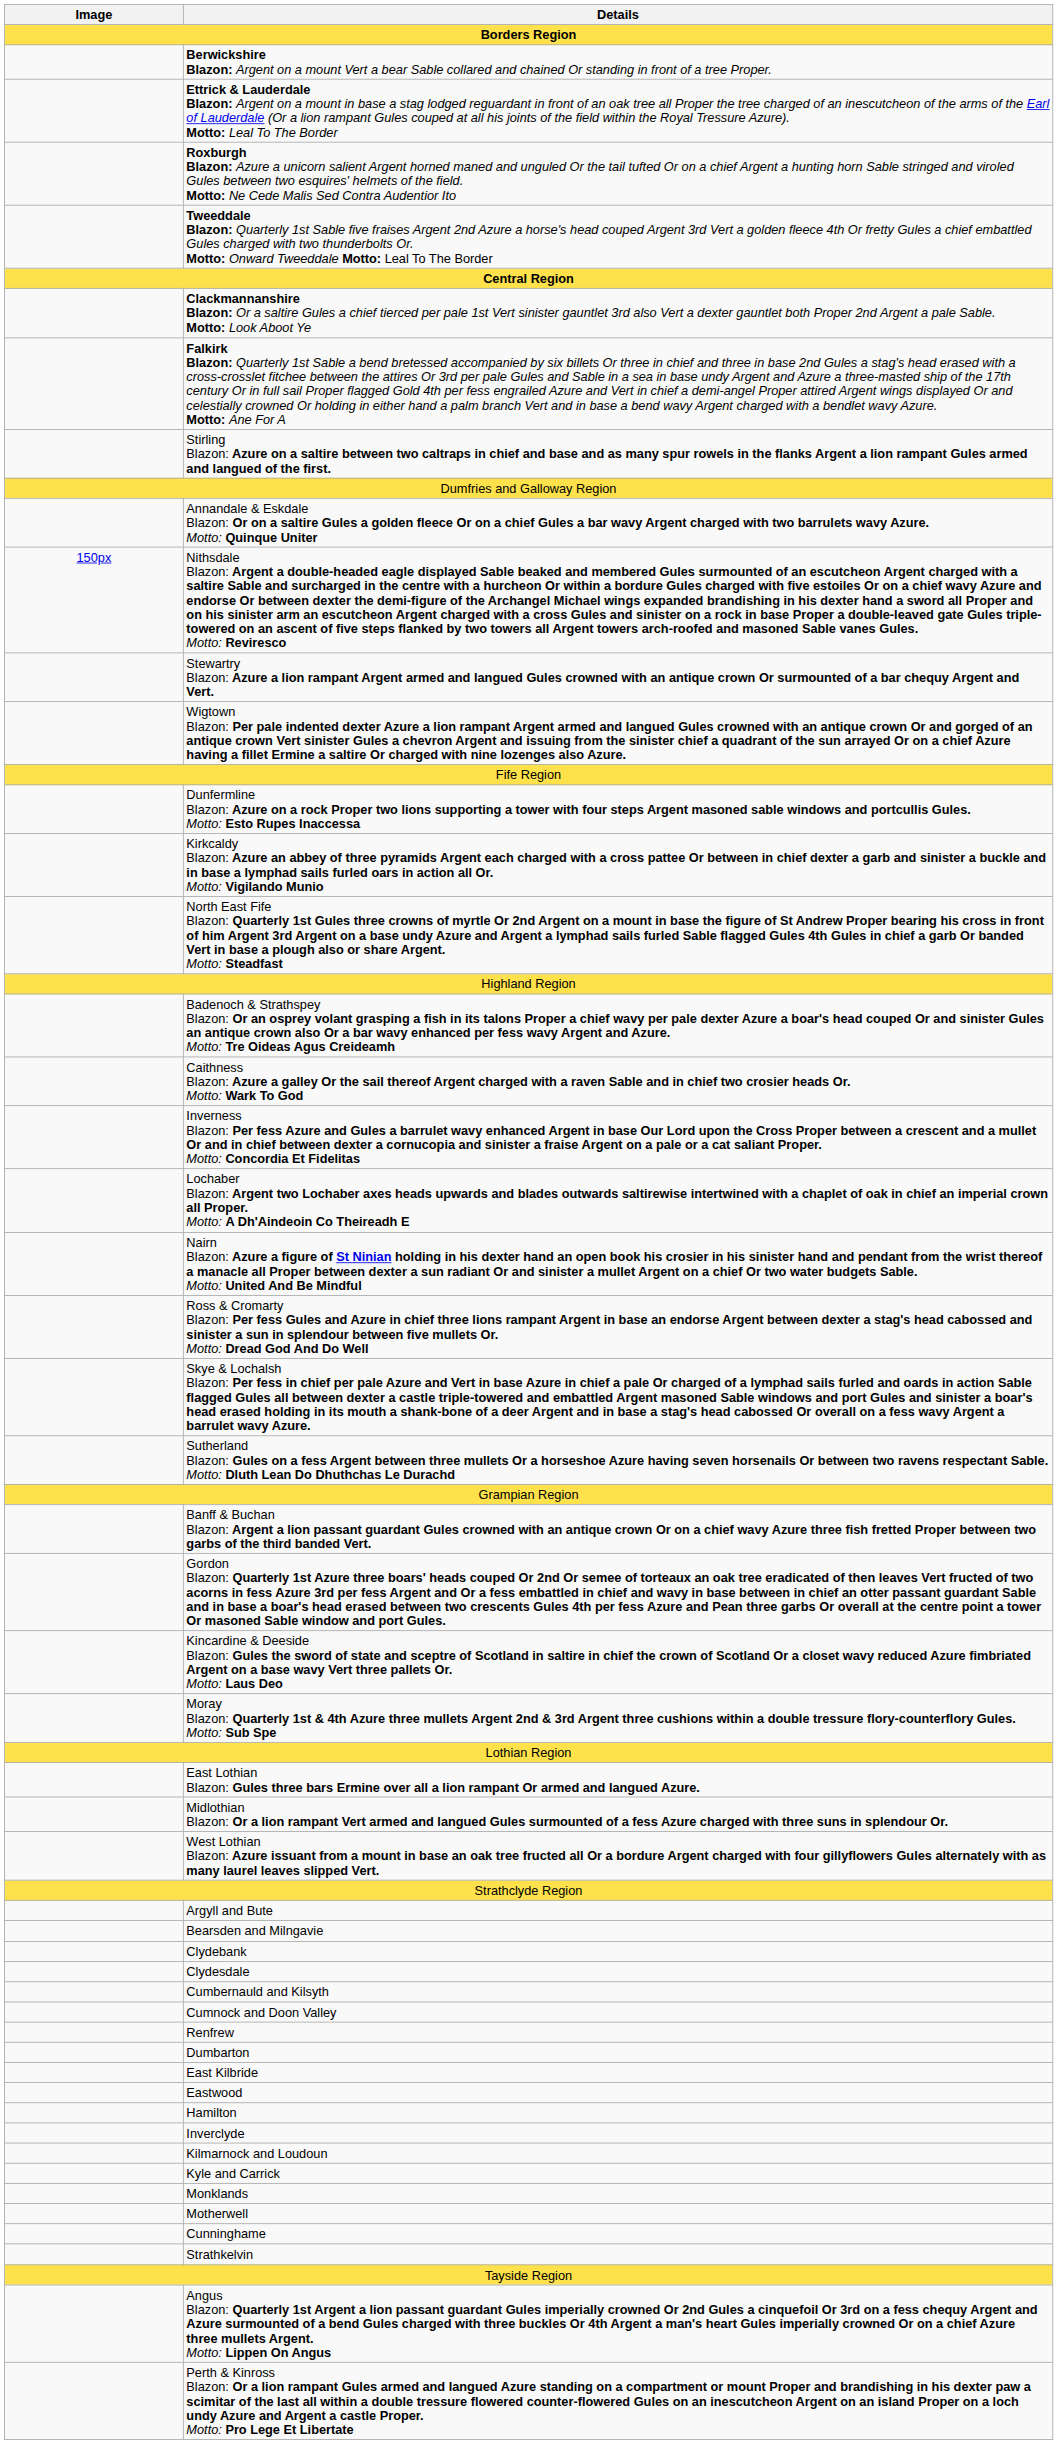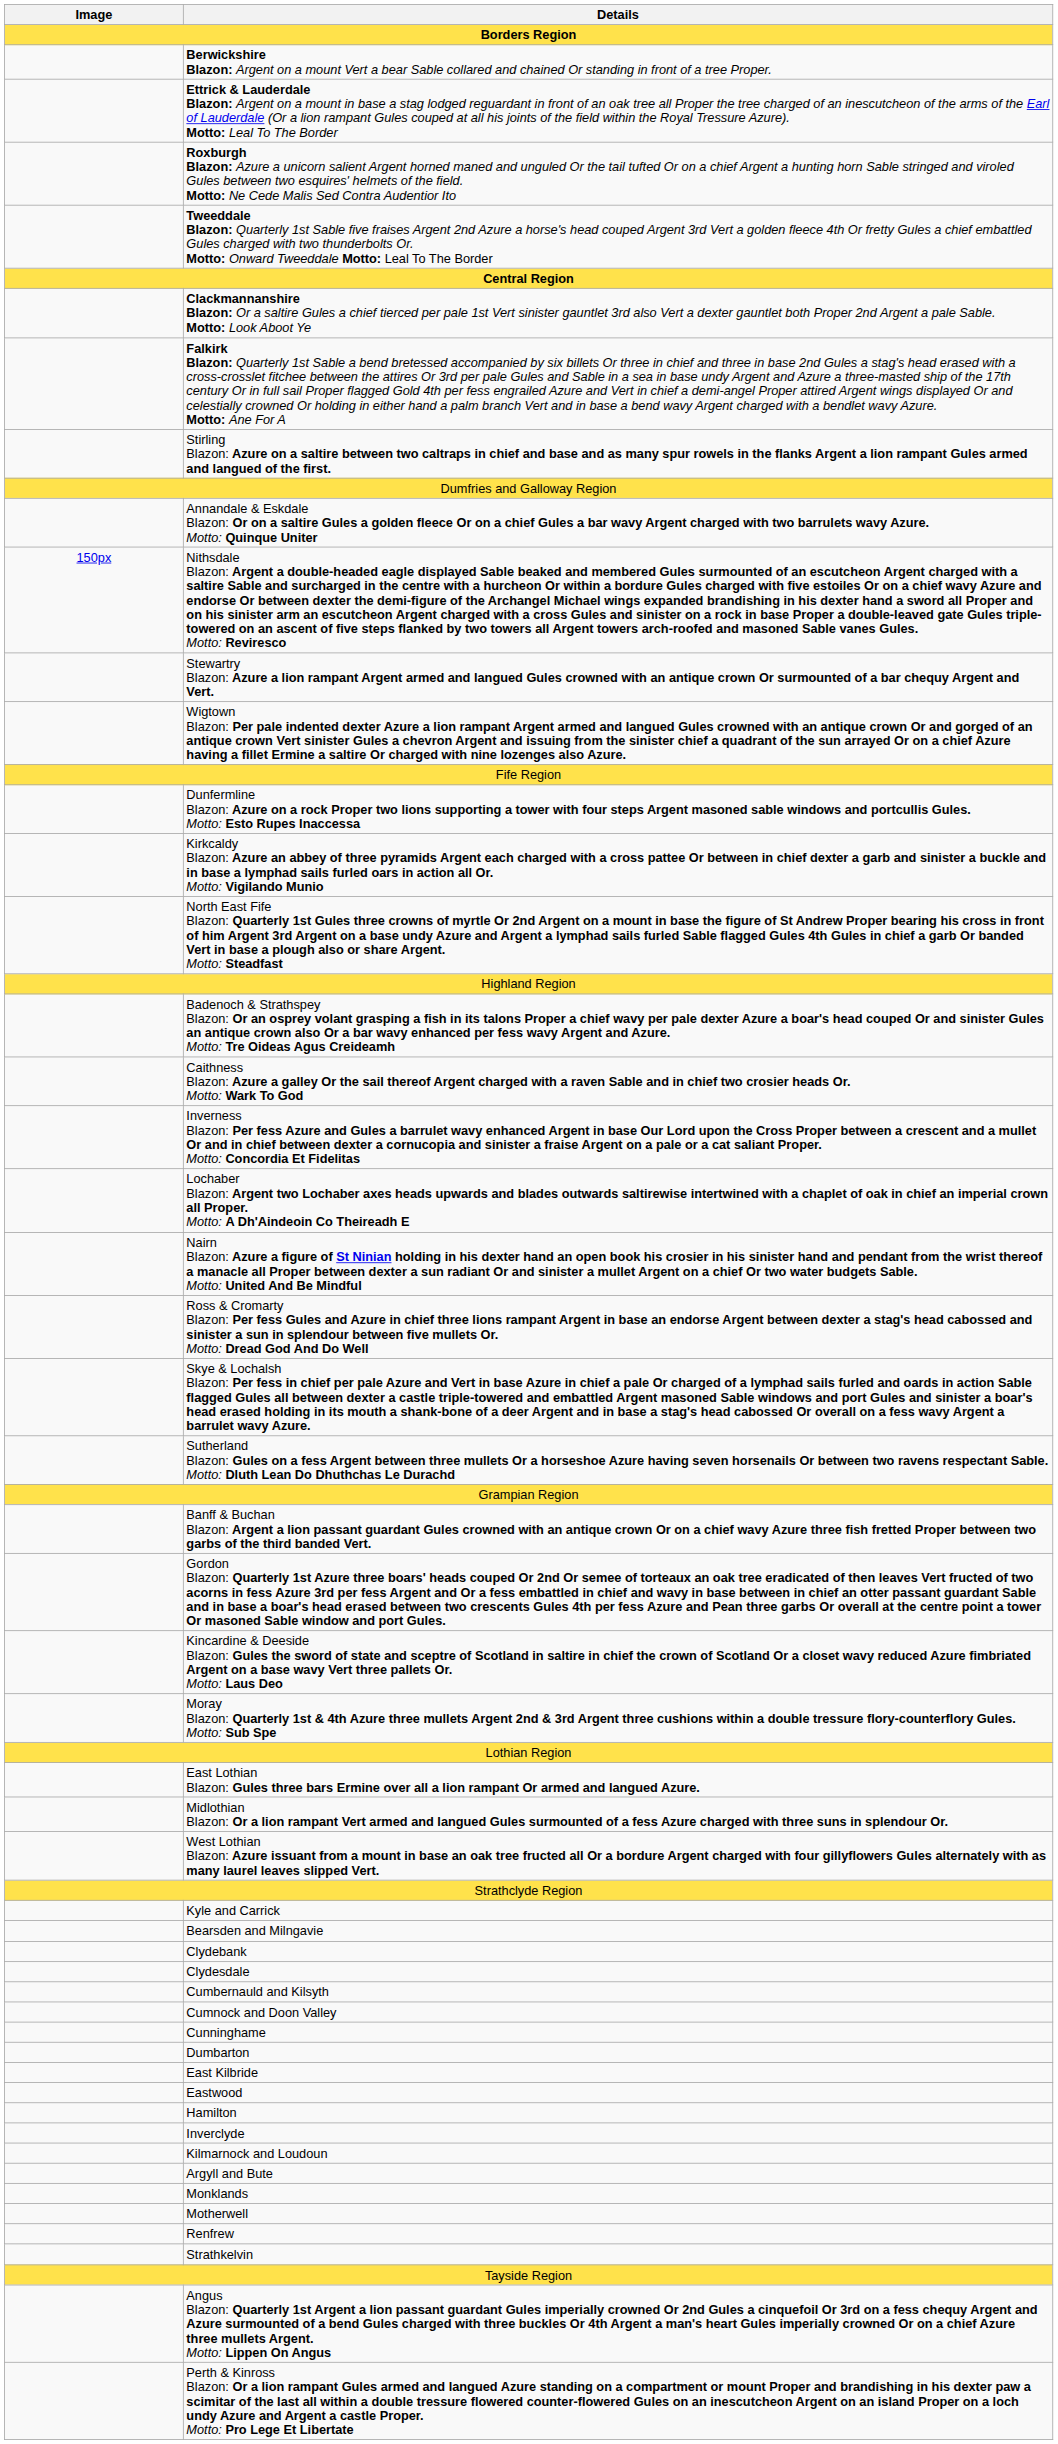 <table class=wikitable style=font-size:95%>
 <tr style="vertical-align:top; text-align:center;">
 <th style="width:206px;">Image</th>
 <th>Details</th>
 </tr>
 <tr style="background:#ffe24b" align="center">
 <td colspan="2"><strong>Borders Region</strong></td>
 </tr>
 <tr valign=top>
 <td align=center></td>
 <td><strong>Berwickshire</strong><br><strong>Blazon:</strong> <em>Argent on a mount Vert a bear Sable collared and chained Or standing in front of a tree Proper.</em></td>
 </tr>
 <tr valign=top>
 <td align=center></td>
 <td><strong>Ettrick & Lauderdale</strong><br><strong>Blazon:</strong> <em>Argent on a mount in base a stag lodged reguardant in front of an oak tree all Proper the tree charged of an inescutcheon of the arms of the <a href='#'>Earl of Lauderdale</a> (Or a lion rampant Gules couped at all his joints of the field within the Royal Tressure Azure).</em><br> <strong>Motto:</strong> <em>Leal To The Border</em></td>
 </tr>
 <tr valign=top>
 <td align=center></td>
 <td><strong>Roxburgh</strong><br><strong>Blazon:</strong> <em>Azure a unicorn salient Argent horned maned and unguled Or the tail tufted Or on a chief Argent a hunting horn Sable stringed and viroled Gules between two esquires' helmets of the field.</em><br> <strong>Motto:</strong> <em>Ne Cede Malis Sed Contra Audentior Ito</em></td>
 </tr>
 <tr valign=top>
 <td align=center></td>
 <td><strong>Tweeddale</strong><br><strong>Blazon:</strong> <em>Quarterly 1st Sable five fraises Argent 2nd Azure a horse's head couped Argent 3rd Vert a golden fleece 4th Or fretty Gules a chief embattled Gules charged with two thunderbolts Or.</em><br> <strong>Motto:</strong> <em>Onward Tweeddale</em> <strong>Motto:</strong> Leal To The Border</td>
 </tr>
 <tr style="background:#ffe24b" align="center">
 <td colspan="2"><strong>Central Region</strong></td>
 </tr>
 <tr valign=top>
 <td align=center></td>
 <td><strong>Clackmannanshire</strong><br><strong>Blazon:</strong> <em>Or a saltire Gules a chief tierced per pale 1st Vert sinister gauntlet 3rd also Vert a dexter gauntlet both Proper 2nd Argent a pale Sable.</em><br> <strong>Motto:</strong> <em>Look Aboot Ye</em></td>
 </tr>
 <tr valign=top>
 <td align=center></td>
 <td><strong>Falkirk</strong><br><strong>Blazon:</strong> <em>Quarterly 1st Sable a bend bretessed accompanied by six billets Or three in chief and three in base 2nd Gules a stag's head erased with a cross-crosslet fitchee between the attires Or 3rd per pale Gules and Sable in a sea in base undy Argent and Azure a three-masted ship of the 17th century Or in full sail Proper flagged Gold 4th per fess engrailed Azure and Vert in chief a demi-angel Proper attired Argent wings displayed Or and celestially crowned Or holding in either hand a palm branch Vert and in base a bend wavy Argent charged with a bendlet wavy Azure.</em><br> <strong>Motto:</strong> <em>Ane For A<strong></td>
 </tr>
 <tr valign=top>
 <td align=center></td>
 <td></strong>Stirling<strong><br></strong>Blazon:<strong> </em>Azure on a saltire between two caltraps in chief and base and as many spur rowels in the flanks Argent a lion rampant Gules armed and langued of the first.<em></td>
 </tr>
 <tr style="background:#ffe24b" align="center">
 <td colspan="2"></strong>Dumfries and Galloway Region<strong></td>
 </tr>
 <tr valign=top>
 <td align=center></td>
 <td></strong>Annandale & Eskdale<strong><br></strong>Blazon:<strong> </em>Or on a saltire Gules a golden fleece Or on a chief Gules a bar wavy Argent charged with two barrulets wavy Azure.<em><br> </strong>Motto:<strong> </em>Quinque Uniter<em></td>
 </tr>
 <tr valign=top>
 <td align=center><a href='#'>150px</a></td>
 <td></strong>Nithsdale<strong><br></strong>Blazon:<strong> </em>Argent a double-headed eagle displayed Sable beaked and membered Gules surmounted of an escutcheon Argent charged with a saltire Sable and surcharged in the centre with a hurcheon Or within a bordure Gules charged with five estoiles Or on a chief wavy Azure and endorse Or between dexter the demi-figure of the Archangel Michael wings expanded brandishing in his dexter hand a sword all Proper and on his sinister arm an escutcheon Argent charged with a cross Gules and sinister on a rock in base Proper a double-leaved gate Gules triple-towered on an ascent of five steps flanked by two towers all Argent towers arch-roofed and masoned Sable vanes Gules.<em><br> </strong>Motto:<strong> </em>Reviresco<em></td>
 </tr>
 <tr valign=top>
 <td align=center></td>
 <td></strong>Stewartry<strong><br></strong>Blazon:<strong> </em>Azure a lion rampant Argent armed and langued Gules crowned with an antique crown Or surmounted of a bar chequy Argent and Vert.<em></td>
 </tr>
 <tr valign=top>
 <td align=center></td>
 <td></strong>Wigtown<strong><br></strong>Blazon:<strong> </em>Per pale indented dexter Azure a lion rampant Argent armed and langued Gules crowned with an antique crown Or and gorged of an antique crown Vert sinister Gules a chevron Argent and issuing from the sinister chief a quadrant of the sun arrayed Or on a chief Azure having a fillet Ermine a saltire Or charged with nine lozenges also Azure.<em></td>
 </tr>
 <tr style="background:#ffe24b" align="center">
 <td colspan="2"></strong>Fife Region<strong></td>
 </tr>
 <tr valign=top>
 <td align=center></td>
 <td></strong>Dunfermline<strong><br></strong>Blazon:<strong> </em>Azure on a rock Proper two lions supporting a tower with four steps Argent masoned sable windows and portcullis Gules.<em><br> </strong>Motto:<strong> </em>Esto Rupes Inaccessa<em></td>
 </tr>
 <tr valign=top>
 <td align=center></td>
 <td></strong>Kirkcaldy<strong><br></strong>Blazon:<strong> </em>Azure an abbey of three pyramids Argent each charged with a cross pattee Or between in chief dexter a garb and sinister a buckle and in base a lymphad sails furled oars in action all Or.<em><br> </strong>Motto:<strong> </em>Vigilando Munio<em></td>
 </tr>
 <tr valign=top>
 <td align=center></td>
 <td></strong>North East Fife<strong><br></strong>Blazon:<strong> </em>Quarterly 1st Gules three crowns of myrtle Or 2nd Argent on a mount in base the figure of St Andrew Proper bearing his cross in front of him Argent 3rd Argent on a base undy Azure and Argent a lymphad sails furled Sable flagged Gules 4th Gules in chief a garb Or banded Vert in base a plough also or share Argent.<em><br> </strong>Motto:<strong> </em>Steadfast<em></td>
 </tr>
 <tr style="background:#ffe24b" align="center">
 <td colspan="2"></strong>Highland Region<strong></td>
 </tr>
 <tr valign=top>
 <td align=center></td>
 <td></strong>Badenoch & Strathspey<strong><br></strong>Blazon:<strong> </em>Or an osprey volant grasping a fish in its talons Proper a chief wavy per pale dexter Azure a boar's head couped Or and sinister Gules an antique crown also Or a bar wavy enhanced per fess wavy Argent and Azure.<em><br> </strong>Motto:<strong> </em>Tre Oideas Agus Creideamh<em></td>
 </tr>
 <tr valign=top>
 <td align=center></td>
 <td></strong>Caithness<strong><br></strong>Blazon:<strong> </em>Azure a galley Or the sail thereof Argent charged with a raven Sable and in chief two crosier heads Or.<em><br> </strong>Motto:<strong> </em>Wark To God<em></td>
 </tr>
 <tr valign=top>
 <td align=center></td>
 <td></strong>Inverness<strong><br></strong>Blazon:<strong> </em>Per fess Azure and Gules a barrulet wavy enhanced Argent in base Our Lord upon the Cross Proper between a crescent and a mullet Or and in chief between dexter a cornucopia and sinister a fraise Argent on a pale or a cat saliant Proper.<em><br> </strong>Motto:<strong> </em>Concordia Et Fidelitas<em></td>
 </tr>
 <tr valign=top>
 <td align=center></td>
 <td></strong>Lochaber<strong><br></strong>Blazon:<strong> </em>Argent two Lochaber axes heads upwards and blades outwards saltirewise intertwined with a chaplet of oak in chief an imperial crown all Proper.<em><br> </strong>Motto:<strong> </em>A Dh'Aindeoin Co Theireadh E<em></td>
 </tr>
 <tr valign=top>
 <td align=center></td>
 <td></strong>Nairn<strong><br></strong>Blazon:<strong> </em>Azure a figure of <a href='#'>St Ninian</a> holding in his dexter hand an open book his crosier in his sinister hand and pendant from the wrist thereof a manacle all Proper between dexter a sun radiant Or and sinister a mullet Argent on a chief Or two water budgets Sable.<em><br> </strong>Motto:<strong> </em>United And Be Mindful<em></td>
 </tr>
 <tr valign=top>
 <td align=center></td>
 <td></strong>Ross & Cromarty<strong><br></strong>Blazon:<strong> </em>Per fess Gules and Azure in chief three lions rampant Argent in base an endorse Argent between dexter a stag's head cabossed and sinister a sun in splendour between five mullets Or.<em><br> </strong>Motto:<strong> </em>Dread God And Do Well<em></td>
 </tr>
 <tr valign=top>
 <td align=center></td>
 <td></strong>Skye & Lochalsh<strong><br></strong>Blazon:<strong> </em>Per fess in chief per pale Azure and Vert in base Azure in chief a pale Or charged of a lymphad sails furled and oards in action Sable flagged Gules all between dexter a castle triple-towered and embattled Argent masoned Sable windows and port Gules and sinister a boar's head erased holding in its mouth a shank-bone of a deer Argent and in base a stag's head cabossed Or overall on a fess wavy Argent a barrulet wavy Azure.<em></td>
 </tr>
 <tr valign=top>
 <td align=center></td>
 <td></strong>Sutherland<strong><br></strong>Blazon:<strong> </em>Gules on a fess Argent between three mullets Or a horseshoe Azure having seven horsenails Or between two ravens respectant Sable.<em><br> </strong>Motto:<strong> </em>Dluth Lean Do Dhuthchas Le Durachd<em></td>
 </tr>
 <tr style="background:#ffe24b" align="center">
 <td colspan="2"></strong>Grampian Region<strong></td>
 </tr>
 <tr valign=top>
 <td align=center></td>
 <td></strong>Banff & Buchan<strong><br></strong>Blazon:<strong> </em>Argent a lion passant guardant Gules crowned with an antique crown Or on a chief wavy Azure three fish fretted Proper between two garbs of the third banded Vert.<em></td>
 </tr>
 <tr valign=top>
 <td align=center></td>
 <td></strong>Gordon<strong><br></strong>Blazon:<strong> </em>Quarterly 1st Azure three boars' heads couped Or 2nd Or semee of torteaux an oak tree eradicated of then leaves Vert fructed of two acorns in fess Azure 3rd per fess Argent and Or a fess embattled in chief and wavy in base between in chief an otter passant guardant Sable and in base a boar's head erased between two crescents Gules 4th per fess Azure and Pean three garbs Or overall at the centre point a tower Or masoned Sable window and port Gules.<em></td>
 </tr>
 <tr valign=top>
 <td align=center></td>
 <td></strong>Kincardine & Deeside<strong><br></strong>Blazon:<strong> </em>Gules the sword of state and sceptre of Scotland in saltire in chief the crown of Scotland Or a closet wavy reduced Azure fimbriated Argent on a base wavy Vert three pallets Or.<em><br> </strong>Motto:<strong> </em>Laus Deo<em></td>
 </tr>
 <tr valign=top>
 <td align=center></td>
 <td></strong>Moray<strong><br></strong>Blazon:<strong> </em>Quarterly 1st & 4th Azure three mullets Argent 2nd & 3rd Argent three cushions within a double tressure flory-counterflory Gules.<em><br> </strong>Motto:<strong> </em>Sub Spe<em></td>
 </tr>
 <tr style="background:#ffe24b" align="center">
 <td colspan="2"></strong>Lothian Region<strong></td>
 </tr>
 <tr valign=top>
 <td align=center></td>
 <td></strong>East Lothian<strong><br></strong>Blazon:<strong> </em>Gules three bars Ermine over all a lion rampant Or armed and langued Azure.<em></td>
 </tr>
 <tr valign=top>
 <td align=center></td>
 <td></strong>Midlothian<strong><br></strong>Blazon:<strong> </em>Or a lion rampant Vert armed and langued Gules surmounted of a fess Azure charged with three suns in splendour Or.<em></td>
 </tr>
 <tr valign=top>
 <td align=center></td>
 <td></strong>West Lothian<strong><br></strong>Blazon:<strong> </em>Azure issuant from a mount in base an oak tree fructed all Or a bordure Argent charged with four gillyflowers Gules alternately with as many laurel leaves slipped Vert.<em></td>
 </tr>
 <tr style="background:#ffe24b" align="center">
 <td colspan="2"></strong>Strathclyde Region<strong></td>
 </tr>
 <tr valign=top>
 <td align=center></td>
-<td></strong>Argyll and Bute<strong></td>
+<td></strong>Kyle and Carrick<strong></td>
 </tr>
 <tr valign=top>
 <td align=center></td>
 <td></strong>Bearsden and Milngavie<strong></td>
 </tr>
 <tr valign=top>
 <td align=center></td>
 <td></strong>Clydebank<strong></td>
 </tr>
 <tr valign=top>
 <td align=center></td>
 <td></strong>Clydesdale<strong></td>
 </tr>
 <tr valign=top>
 <td align=center></td>
 <td></strong>Cumbernauld and Kilsyth<strong></td>
 </tr>
 <tr valign=top>
 <td align=center></td>
 <td></strong>Cumnock and Doon Valley<strong></td>
 </tr>
 <tr valign=top>
 <td align=center></td>
-<td></strong>Renfrew<strong></td>
+<td></strong>Cunninghame<strong></td>
 </tr>
 <tr valign=top>
 <td align=center></td>
 <td></strong>Dumbarton<strong></td>
 </tr>
 <tr valign=top>
 <td align=center></td>
 <td></strong>East Kilbride<strong></td>
 </tr>
 <tr valign=top>
 <td align=center></td>
 <td></strong>Eastwood<strong></td>
 </tr>
 <tr valign=top>
 <td align=center></td>
 <td></strong>Hamilton<strong></td>
 </tr>
 <tr valign=top>
 <td align=center></td>
 <td></strong>Inverclyde<strong></td>
 </tr>
 <tr valign=top>
 <td align=center></td>
 <td></strong>Kilmarnock and Loudoun<strong></td>
 </tr>
 <tr valign=top>
 <td align=center></td>
-<td></strong>Kyle and Carrick<strong></td>
+<td></strong>Argyll and Bute<strong></td>
 </tr>
 <tr valign=top>
 <td align=center></td>
 <td></strong>Monklands<strong></td>
 </tr>
 <tr valign=top>
 <td align=center></td>
 <td></strong>Motherwell<strong></td>
 </tr>
 <tr valign=top>
 <td align=center></td>
-<td></strong>Cunninghame<strong></td>
+<td></strong>Renfrew<strong></td>
 </tr>
 <tr valign=top>
 <td align=center></td>
 <td></strong>Strathkelvin<strong></td>
 </tr>
 <tr style="background:#ffe24b" align="center">
 <td colspan="2"></strong>Tayside Region<strong></td>
 </tr>
 <tr valign=top>
 <td align=center></td>
 <td></strong>Angus<strong><br></strong>Blazon:<strong> </em>Quarterly 1st Argent a lion passant guardant Gules imperially crowned Or 2nd Gules a cinquefoil Or 3rd on a fess chequy Argent and Azure surmounted of a bend Gules charged with three buckles Or 4th Argent a man's heart Gules imperially crowned Or on a chief Azure three mullets Argent.<em><br> </strong>Motto:<strong> </em>Lippen On Angus<em></td>
 </tr>
 <tr valign=top>
 <td align=center></td>
 <td></strong>Perth & Kinross<strong><br></strong>Blazon:<strong> </em>Or a lion rampant Gules armed and langued Azure standing on a compartment or mount Proper and brandishing in his dexter paw a scimitar of the last all within a double tressure flowered counter-flowered Gules on an inescutcheon Argent on an island Proper on a loch undy Azure and Argent a castle Proper.<em><br> </strong>Motto:<strong> </em>Pro Lege Et Libertate<em></td>
 </tr>
 </table>
